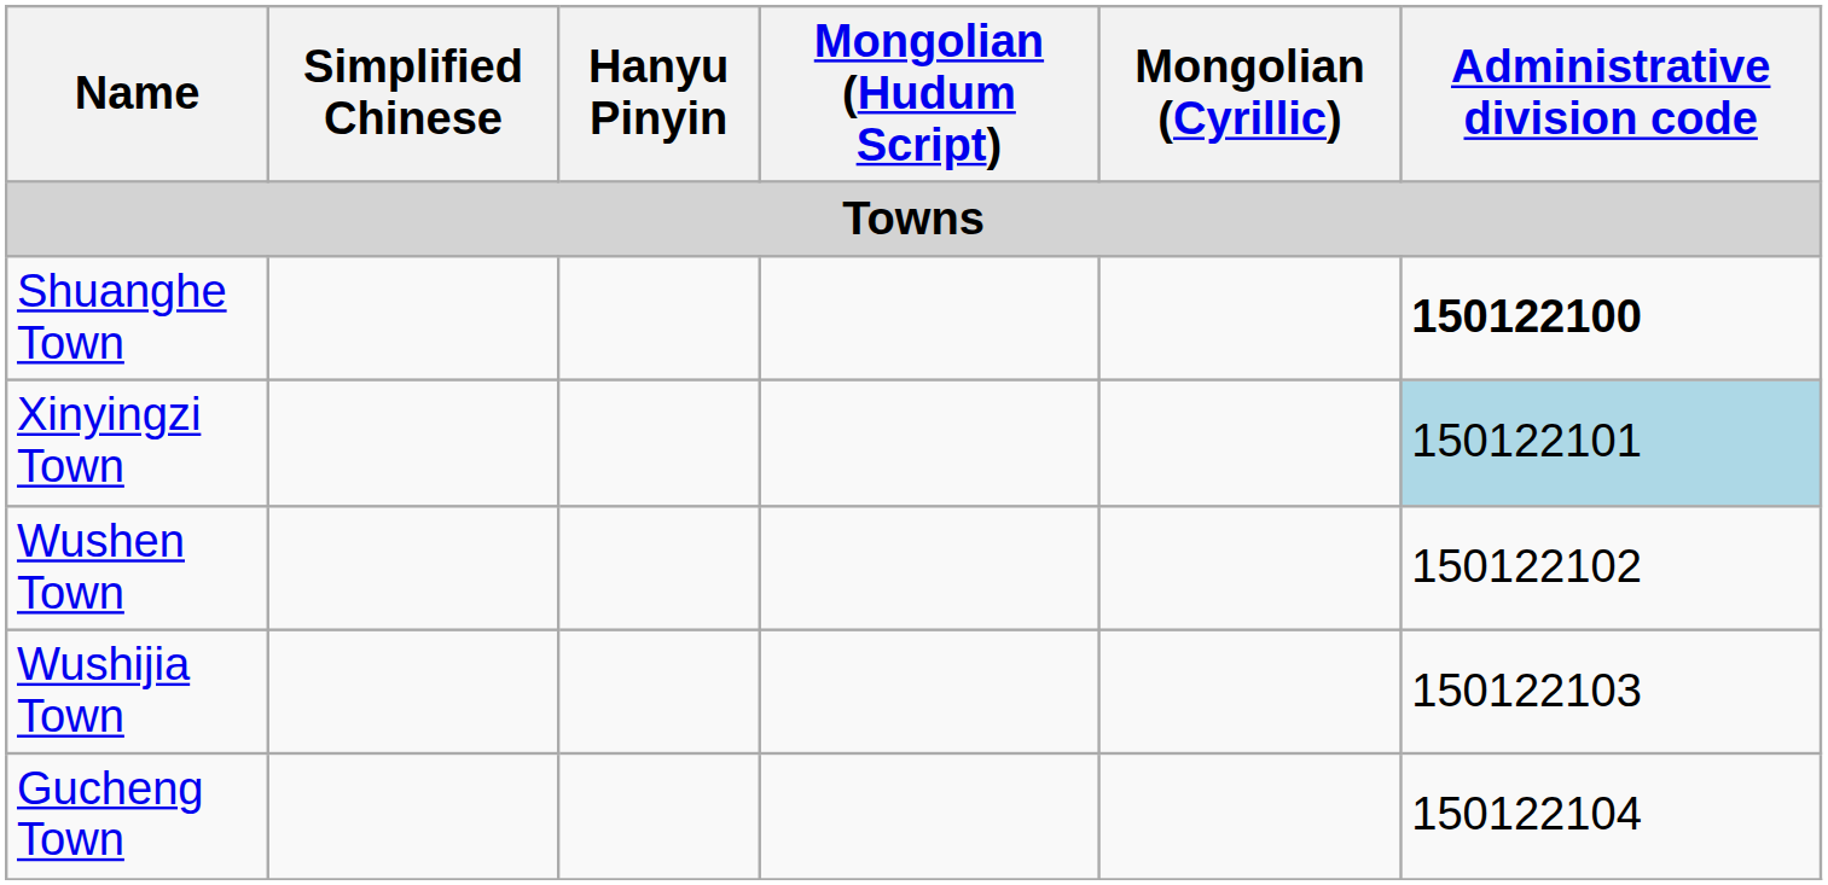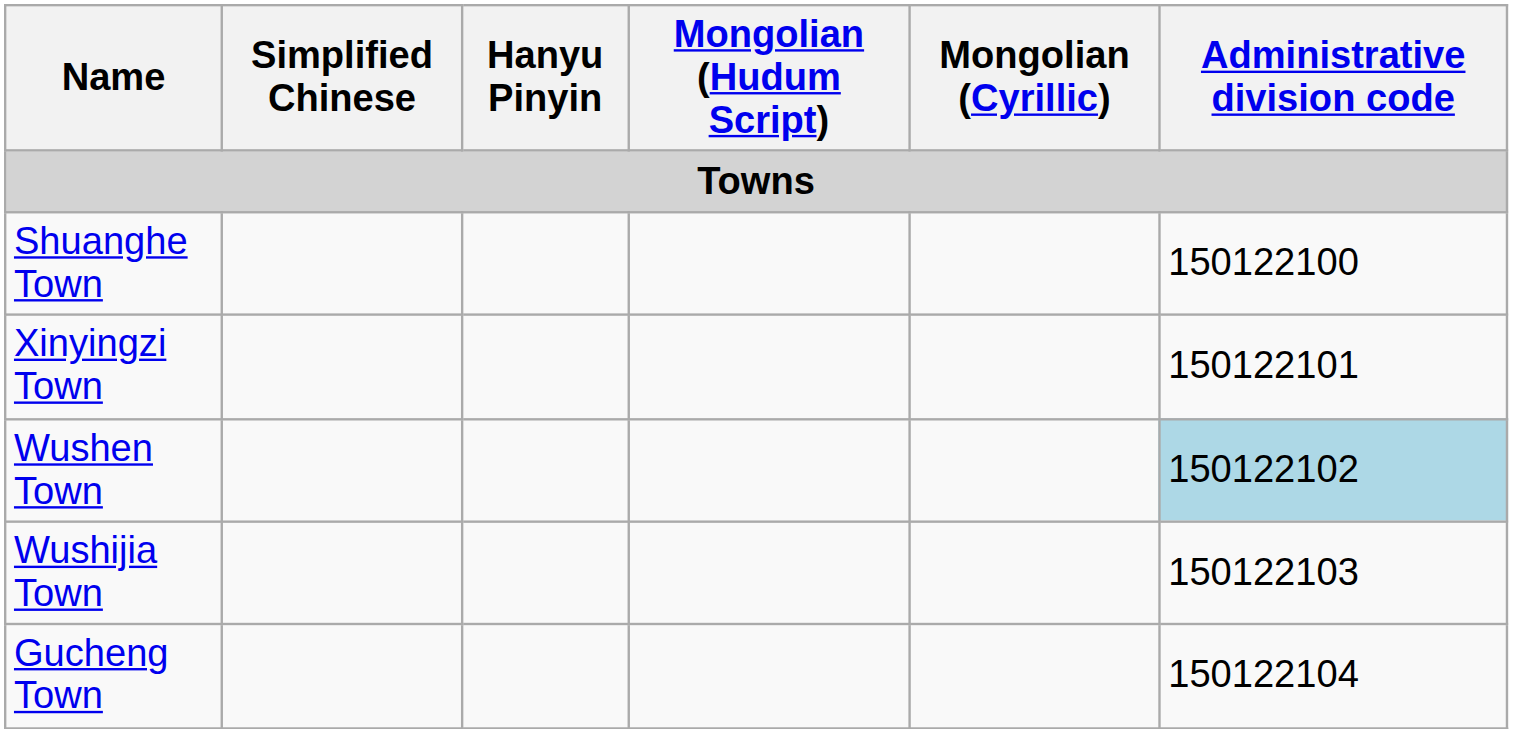 <table class="wikitable" align="center" style="width:50%; border="1">
 <tr>
 <th>Name</th>
 <th>Simplified Chinese</th>
 <th>Hanyu Pinyin</th>
 <th><a href='#'>Mongolian</a> (<a href='#'>Hudum Script</a>)</th>
 <th>Mongolian (<a href='#'>Cyrillic</a>)</th>
 <th><a href='#'>Administrative division code</a></th>
 </tr>
 <tr>
 <td colspan="6"  style="text-align:center; background:#d3d3d3;"><strong>Towns</strong></td>
 </tr>
 <tr --------->
 <td><a href='#'>Shuanghe Town</a></td>
 <td></td>
 <td></td>
 <td></td>
 <td></td>
-<td><strong>150122100</strong></td>
+<td>150122100</td>
 </tr>
 <tr>
 <td><a href='#'>Xinyingzi Town</a></td>
 <td></td>
 <td></td>
 <td></td>
 <td></td>
-<td style="background: lightblue;">150122101</td>
+<td>150122101</td>
 </tr>
 <tr>
 <td><a href='#'>Wushen Town</a></td>
 <td></td>
 <td></td>
 <td></td>
 <td></td>
-<td>150122102</td>
+<td style="background: lightblue;">150122102</td>
 </tr>
 <tr>
 <td><a href='#'>Wushijia Town</a></td>
 <td></td>
 <td></td>
 <td></td>
 <td></td>
 <td>150122103</td>
 </tr>
 <tr>
 <td><a href='#'>Gucheng Town</a></td>
 <td></td>
 <td></td>
 <td></td>
 <td></td>
 <td>150122104</td>
 </tr>
 <tr>
 </tr>
 </table>
